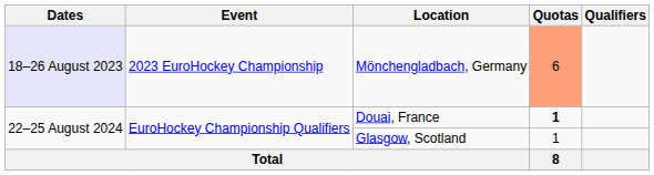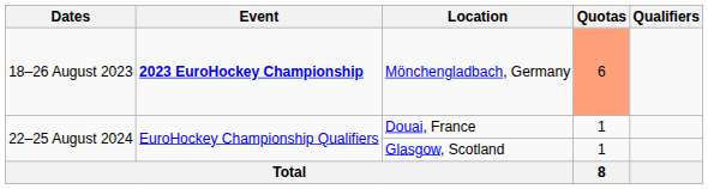 <table class=wikitable>
 <tr>
 <th>Dates</th>
 <th>Event</th>
 <th>Location</th>
 <th>Quotas</th>
 <th>Qualifiers</th>
 </tr>
 <tr>
-<td style="background: lavender;">18–26 August 2023</td>
-<td><a href='#'>2023 EuroHockey Championship</a></td>
+<td>18–26 August 2023</td>
+<td><strong><a href='#'>2023 EuroHockey Championship</a></strong></td>
 <td><a href='#'>Mönchengladbach</a>, Germany</td>
 <td align=center style="background: lightsalmon;">6</td>
 <td><br><br><br><br><br></td>
 </tr>
 <tr>
 <td rowspan=2>22–25 August 2024</td>
 <td rowspan=2><a href='#'>EuroHockey Championship Qualifiers</a></td>
 <td><a href='#'>Douai</a>, France</td>
-<td align=center><strong>1</strong></td>
+<td align=center>1</td>
 <td></td>
 </tr>
 <tr>
 <td><a href='#'>Glasgow</a>, Scotland</td>
 <td align=center>1</td>
 <td></td>
 </tr>
 <tr>
 <th colspan=3>Total</th>
 <th>8</th>
 <th></th>
 </tr>
 </table>
